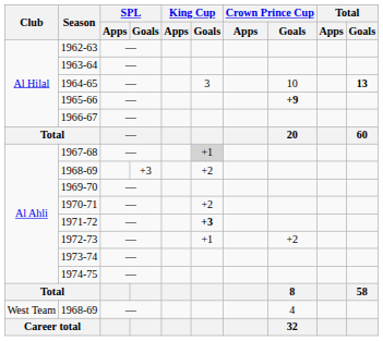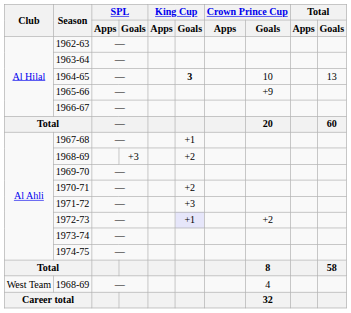 <table class="wikitable" style="text-align: center">
 <tr>
 <th rowspan="2">Club</th>
 <th rowspan="2">Season</th>
 <th colspan="2"><a href='#'>SPL</a></th>
 <th colspan="2"><a href='#'>King Cup</a></th>
 <th colspan="2"><a href='#'>Crown Prince Cup</a></th>
 <th colspan="3">Total</th>
 </tr>
 <tr>
 <th>Apps</th>
 <th>Goals</th>
 <th>Apps</th>
 <th>Goals</th>
 <th>Apps</th>
 <th>Goals</th>
 <th>Apps</th>
 <th>Goals</th>
 </tr>
 <tr>
 <td rowspan="5"><a href='#'>Al Hilal</a></td>
 <td>1962-63</td>
 <td colspan=2>—</td>
 <td></td>
 <td></td>
 <td></td>
 <td></td>
 <td></td>
 <td></td>
 </tr>
 <tr>
 <td>1963-64</td>
 <td colspan=2>—</td>
 <td></td>
 <td></td>
 <td></td>
 <td></td>
 <td></td>
 <td></td>
 </tr>
 <tr>
 <td>1964-65</td>
 <td colspan=2>—</td>
 <td></td>
-<td>3</td>
+<td><strong>3</strong></td>
 <td></td>
 <td>10</td>
 <td></td>
-<td><strong>13</strong></td>
+<td>13</td>
 </tr>
 <tr>
 <td>1965-66</td>
 <td colspan=2>—</td>
 <td></td>
 <td></td>
 <td></td>
-<td><strong>+9</strong></td>
+<td>+9</td>
 <td></td>
 <td></td>
 </tr>
 <tr>
 <td>1966-67</td>
 <td colspan=2>—</td>
 <td></td>
 <td></td>
 <td></td>
 <td></td>
 <td></td>
 <td></td>
 </tr>
 <tr>
 <th colspan="2">Total</th>
 <th colspan=2>—</th>
 <th></th>
 <th></th>
 <th></th>
 <th>20</th>
 <th></th>
 <th>60</th>
 </tr>
 <tr>
 <td rowspan="8"><a href='#'>Al Ahli</a></td>
 <td>1967-68</td>
 <td colspan=2>—</td>
 <td></td>
-<td style="background: lightgrey;">+1</td>
+<td>+1</td>
 <td></td>
 <td></td>
 <td></td>
 <td></td>
 </tr>
 <tr>
 <td>1968-69</td>
 <td></td>
 <td>+3</td>
 <td></td>
 <td>+2</td>
 <td></td>
 <td></td>
 <td></td>
 <td></td>
 </tr>
 <tr>
 <td>1969-70</td>
 <td colspan=2>—</td>
 <td></td>
 <td></td>
 <td></td>
 <td></td>
 <td></td>
 <td></td>
 </tr>
 <tr>
 <td>1970-71</td>
 <td colspan=2>—</td>
 <td></td>
 <td>+2</td>
 <td></td>
 <td></td>
 <td></td>
 <td></td>
 </tr>
 <tr>
 <td>1971-72</td>
 <td colspan=2>—</td>
 <td></td>
-<td><strong>+3</strong></td>
+<td>+3</td>
 <td></td>
 <td></td>
 <td></td>
 <td></td>
 </tr>
 <tr>
 <td>1972-73</td>
 <td colspan=2>—</td>
 <td></td>
-<td>+1</td>
+<td style="background: lavender;">+1</td>
 <td></td>
 <td>+2</td>
 <td></td>
 <td></td>
 </tr>
 <tr>
 <td>1973-74</td>
 <td colspan=2>—</td>
 <td></td>
 <td></td>
 <td></td>
 <td></td>
 <td></td>
 <td></td>
 </tr>
 <tr>
 <td>1974-75</td>
 <td colspan=2>—</td>
 <td></td>
 <td></td>
 <td></td>
 <td></td>
 <td></td>
 <td></td>
 </tr>
 <tr>
 <th colspan="2">Total</th>
 <th></th>
 <th></th>
 <th></th>
 <th></th>
 <th></th>
 <th>8</th>
 <th></th>
 <th>58</th>
 </tr>
 <tr>
 <td>West Team</td>
 <td>1968-69</td>
 <td colspan=2>—</td>
 <td></td>
 <td></td>
 <td></td>
 <td>4</td>
 <td></td>
 <td></td>
 </tr>
 <tr>
 <th colspan="2">Career total</th>
 <th></th>
 <th></th>
 <th></th>
 <th></th>
 <th></th>
 <th>32</th>
 <th></th>
 <th></th>
 </tr>
 </table>
